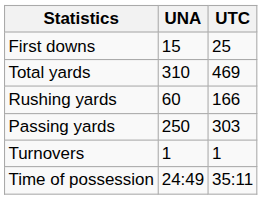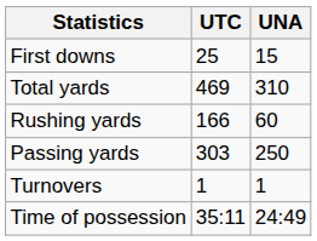 <table class="wikitable" style="float: left;">
 <tr>
 <th>Statistics</th>
+<th>UTC</th>
 <th>UNA</th>
-<th>UTC</th>
 </tr>
 <tr>
 <td>First downs</td>
+<td>25</td>
 <td>15</td>
-<td>25</td>
 </tr>
 <tr>
 <td>Total yards</td>
+<td>469</td>
 <td>310</td>
-<td>469</td>
 </tr>
 <tr>
 <td>Rushing yards</td>
+<td>166</td>
 <td>60</td>
-<td>166</td>
 </tr>
 <tr>
 <td>Passing yards</td>
+<td>303</td>
 <td>250</td>
-<td>303</td>
 </tr>
 <tr>
 <td>Turnovers</td>
 <td>1</td>
 <td>1</td>
 </tr>
 <tr>
 <td>Time of possession</td>
+<td>35:11</td>
 <td>24:49</td>
-<td>35:11</td>
 </tr>
 </table>
